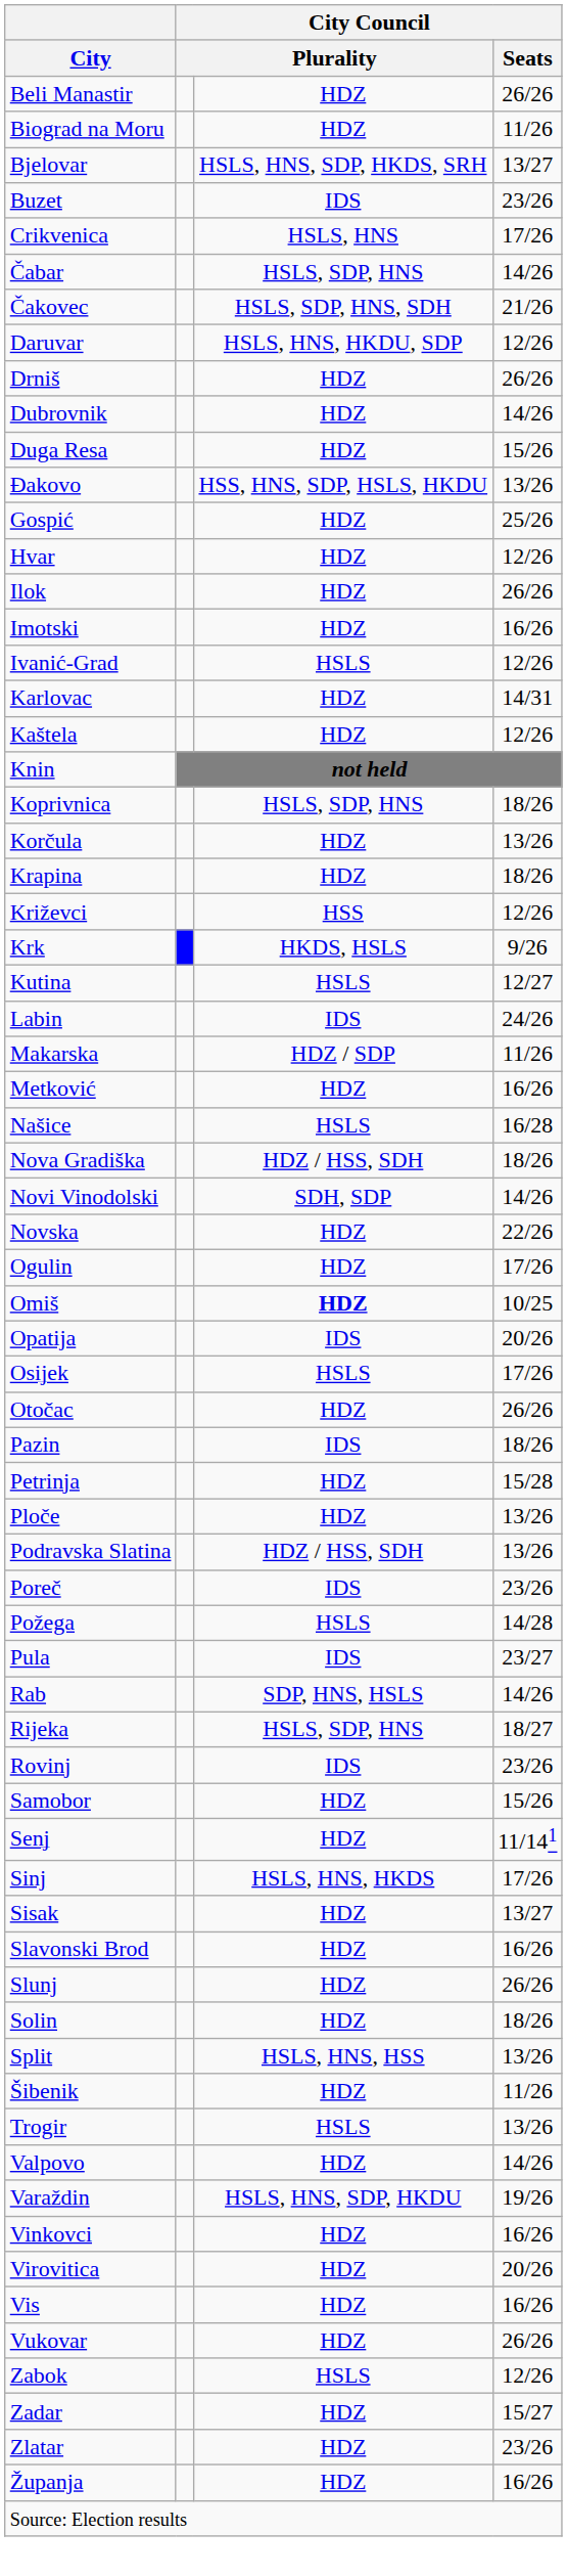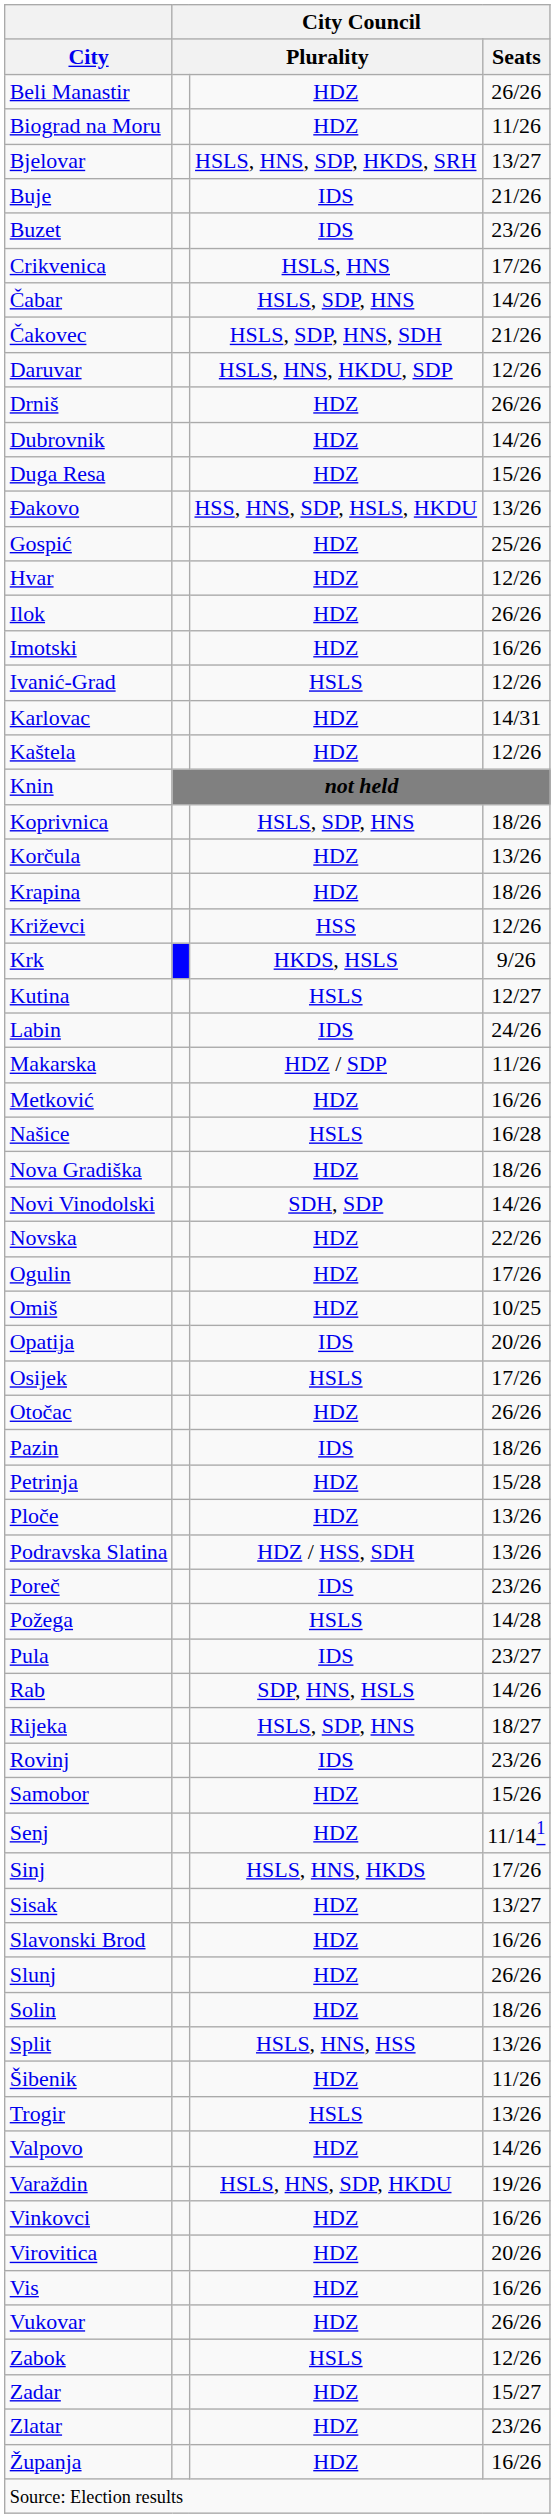 <table class="wikitable sortable">
 <tr>
 <th></th>
 <th class="unsortable" colspan=3>City Council</th>
 </tr>
 <tr>
 <th><a href='#'>City</a></th>
 <th colspan=2>Plurality</th>
 <th>Seats</th>
 </tr>
 <tr>
 <td><a href='#'>Beli Manastir</a></td>
 <td width="5px" style="background-color:"></td>
 <td align="center"><a href='#'>HDZ</a></td>
 <td align="center">26/26</td>
 </tr>
 <tr>
 <td><a href='#'>Biograd na Moru</a></td>
 <td width="5px" style="background-color:"></td>
 <td align="center"><a href='#'>HDZ</a></td>
 <td align="center">11/26</td>
 </tr>
 <tr>
 <td><a href='#'>Bjelovar</a></td>
 <td width="5px" style="background-color:"></td>
 <td align="center"><a href='#'>HSLS</a>, <a href='#'>HNS</a>, <a href='#'>SDP</a>, <a href='#'>HKDS</a>, <a href='#'>SRH</a></td>
 <td align="center">13/27</td>
+</tr>
+<tr>
+<td><a href='#'>Buje</a></td>
+<td width="5px" style="background-color:"></td>
+<td align="center"><a href='#'>IDS</a></td>
+<td align="center">21/26</td>
 </tr>
 <tr>
 <td><a href='#'>Buzet</a></td>
 <td width="5px" style="background-color:"></td>
 <td align="center"><a href='#'>IDS</a></td>
 <td align="center">23/26</td>
 </tr>
 <tr>
 <td><a href='#'>Crikvenica</a></td>
 <td width="5px" style="background-color:"></td>
 <td align="center"><a href='#'>HSLS</a>, <a href='#'>HNS</a></td>
 <td align="center">17/26</td>
 </tr>
 <tr>
 <td><a href='#'>Čabar</a></td>
 <td width="5px" style="background-color:"></td>
 <td align="center"><a href='#'>HSLS</a>, <a href='#'>SDP</a>, <a href='#'>HNS</a></td>
 <td align="center">14/26</td>
 </tr>
 <tr>
 <td><a href='#'>Čakovec</a></td>
 <td width="5px" style="background-color:"></td>
 <td align="center"><a href='#'>HSLS</a>, <a href='#'>SDP</a>, <a href='#'>HNS</a>, <a href='#'>SDH</a></td>
 <td align="center">21/26</td>
 </tr>
 <tr>
 <td><a href='#'>Daruvar</a></td>
 <td width="5px" style="background-color:"></td>
 <td align="center"><a href='#'>HSLS</a>, <a href='#'>HNS</a>, <a href='#'>HKDU</a>, <a href='#'>SDP</a></td>
 <td align="center">12/26</td>
 </tr>
 <tr>
 <td><a href='#'>Drniš</a></td>
 <td width="5px" style="background-color:"></td>
 <td align="center"><a href='#'>HDZ</a></td>
 <td align="center">26/26</td>
 </tr>
 <tr>
 <td><a href='#'>Dubrovnik</a></td>
 <td width="5px" style="background-color:"></td>
 <td align="center"><a href='#'>HDZ</a></td>
 <td align="center">14/26</td>
 </tr>
 <tr>
 <td><a href='#'>Duga Resa</a></td>
 <td width="5px" style="background-color:"></td>
 <td align="center"><a href='#'>HDZ</a></td>
 <td align="center">15/26</td>
 </tr>
 <tr>
 <td><a href='#'>Đakovo</a></td>
 <td width="5px" style="background-color:"></td>
 <td align="center"><a href='#'>HSS</a>, <a href='#'>HNS</a>, <a href='#'>SDP</a>, <a href='#'>HSLS</a>, <a href='#'>HKDU</a></td>
 <td align="center">13/26</td>
 </tr>
 <tr>
 <td><a href='#'>Gospić</a></td>
 <td width="5px" style="background-color:"></td>
 <td align="center"><a href='#'>HDZ</a></td>
 <td align="center">25/26</td>
 </tr>
 <tr>
 <td><a href='#'>Hvar</a></td>
 <td width="5px" style="background-color:"></td>
 <td align="center"><a href='#'>HDZ</a></td>
 <td align="center">12/26</td>
 </tr>
 <tr>
 <td><a href='#'>Ilok</a></td>
 <td width="5px" style="background-color:"></td>
 <td align="center"><a href='#'>HDZ</a></td>
 <td align="center">26/26</td>
 </tr>
 <tr>
 <td><a href='#'>Imotski</a></td>
 <td width="5px" style="background-color:"></td>
 <td align="center"><a href='#'>HDZ</a></td>
 <td align="center">16/26</td>
 </tr>
 <tr>
 <td><a href='#'>Ivanić-Grad</a></td>
 <td width="5px" style="background-color:"></td>
 <td align="center"><a href='#'>HSLS</a></td>
 <td align="center">12/26</td>
 </tr>
 <tr>
 <td><a href='#'>Karlovac</a></td>
 <td width="5px" style="background-color:"></td>
 <td align="center"><a href='#'>HDZ</a></td>
 <td align="center">14/31</td>
 </tr>
 <tr>
 <td><a href='#'>Kaštela</a></td>
 <td width="5px" style="background-color:"></td>
 <td align="center"><a href='#'>HDZ</a></td>
 <td align="center">12/26</td>
 </tr>
 <tr>
 <td><a href='#'>Knin</a></td>
 <td align="center" colspan="3" style="background-color:grey"><strong><em>not held</em></strong></td>
 </tr>
 <tr>
 <td><a href='#'>Koprivnica</a></td>
 <td width="5px" style="background-color:"></td>
 <td align="center"><a href='#'>HSLS</a>, <a href='#'>SDP</a>, <a href='#'>HNS</a></td>
 <td align="center">18/26</td>
 </tr>
 <tr>
 <td><a href='#'>Korčula</a></td>
 <td width="5px" style="background-color:"></td>
 <td align="center"><a href='#'>HDZ</a></td>
 <td align="center">13/26</td>
 </tr>
 <tr>
 <td><a href='#'>Krapina</a></td>
 <td width="5px" style="background-color:"></td>
 <td align="center"><a href='#'>HDZ</a></td>
 <td align="center">18/26</td>
 </tr>
 <tr>
 <td><a href='#'>Križevci</a></td>
 <td width="5px" style="background-color:"></td>
 <td align="center"><a href='#'>HSS</a></td>
 <td align="center">12/26</td>
 </tr>
 <tr>
 <td><a href='#'>Krk</a></td>
 <td width="5px" style="background-color:blue"></td>
 <td align="center"><a href='#'>HKDS</a>, <a href='#'>HSLS</a></td>
 <td align="center">9/26</td>
 </tr>
 <tr>
 <td><a href='#'>Kutina</a></td>
 <td width="5px" style="background-color:"></td>
 <td align="center"><a href='#'>HSLS</a></td>
 <td align="center">12/27</td>
 </tr>
 <tr>
 <td><a href='#'>Labin</a></td>
 <td width="5px" style="background-color:"></td>
 <td align="center"><a href='#'>IDS</a></td>
 <td align="center">24/26</td>
 </tr>
 <tr>
 <td><a href='#'>Makarska</a></td>
 <td width="5px" style="background-color:"></td>
 <td align="center"><a href='#'>HDZ</a> / <a href='#'>SDP</a></td>
 <td align="center">11/26</td>
 </tr>
 <tr>
 <td><a href='#'>Metković</a></td>
 <td width="5px" style="background-color:"></td>
 <td align="center"><a href='#'>HDZ</a></td>
 <td align="center">16/26</td>
 </tr>
 <tr>
 <td><a href='#'>Našice</a></td>
 <td width="5px" style="background-color:"></td>
 <td align="center"><a href='#'>HSLS</a></td>
 <td align="center">16/28</td>
 </tr>
 <tr>
 <td><a href='#'>Nova Gradiška</a></td>
 <td width="5px" style="background-color:"></td>
-<td align="center"><a href='#'>HDZ</a> / <a href='#'>HSS</a>, <a href='#'>SDH</a></td>
+<td align="center"><a href='#'>HDZ</a></td>
 <td align="center">18/26</td>
 </tr>
 <tr>
 <td><a href='#'>Novi Vinodolski</a></td>
 <td width="5px" style="background-color:"></td>
 <td align="center"><a href='#'>SDH</a>, <a href='#'>SDP</a></td>
 <td align="center">14/26</td>
 </tr>
 <tr>
 <td><a href='#'>Novska</a></td>
 <td width="5px" style="background-color:"></td>
 <td align="center"><a href='#'>HDZ</a></td>
 <td align="center">22/26</td>
 </tr>
 <tr>
 <td><a href='#'>Ogulin</a></td>
 <td width="5px" style="background-color:"></td>
 <td align="center"><a href='#'>HDZ</a></td>
 <td align="center">17/26</td>
 </tr>
 <tr>
 <td><a href='#'>Omiš</a></td>
 <td width="5px" style="background-color:"></td>
-<td align="center"><strong><a href='#'>HDZ</a></strong></td>
+<td align="center"><a href='#'>HDZ</a></td>
 <td align="center">10/25</td>
 </tr>
 <tr>
 <td><a href='#'>Opatija</a></td>
 <td width="5px" style="background-color:"></td>
 <td align="center"><a href='#'>IDS</a></td>
 <td align="center">20/26</td>
 </tr>
 <tr>
 <td><a href='#'>Osijek</a></td>
 <td width="5px" style="background-color:"></td>
 <td align="center"><a href='#'>HSLS</a></td>
 <td align="center">17/26</td>
 </tr>
 <tr>
 <td><a href='#'>Otočac</a></td>
 <td width="5px" style="background-color:"></td>
 <td align="center"><a href='#'>HDZ</a></td>
 <td align="center">26/26</td>
 </tr>
 <tr>
 <td><a href='#'>Pazin</a></td>
 <td width="5px" style="background-color:"></td>
 <td align="center"><a href='#'>IDS</a></td>
 <td align="center">18/26</td>
 </tr>
 <tr>
 <td><a href='#'>Petrinja</a></td>
 <td width="5px" style="background-color:"></td>
 <td align="center"><a href='#'>HDZ</a></td>
 <td align="center">15/28</td>
 </tr>
 <tr>
 <td><a href='#'>Ploče</a></td>
 <td width="5px" style="background-color:"></td>
 <td align="center"><a href='#'>HDZ</a></td>
 <td align="center">13/26</td>
 </tr>
 <tr>
 <td><a href='#'>Podravska Slatina</a></td>
 <td width="5px" style="background-color:"></td>
 <td align="center"><a href='#'>HDZ</a> / <a href='#'>HSS</a>, <a href='#'>SDH</a></td>
 <td align="center">13/26</td>
 </tr>
 <tr>
 <td><a href='#'>Poreč</a></td>
 <td width="5px" style="background-color:"></td>
 <td align="center"><a href='#'>IDS</a></td>
 <td align="center">23/26</td>
 </tr>
 <tr>
 <td><a href='#'>Požega</a></td>
 <td width="5px" style="background-color:"></td>
 <td align="center"><a href='#'>HSLS</a></td>
 <td align="center">14/28</td>
 </tr>
 <tr>
 <td><a href='#'>Pula</a></td>
 <td width="5px" style="background-color:"></td>
 <td align="center"><a href='#'>IDS</a></td>
 <td align="center">23/27</td>
 </tr>
 <tr>
 <td><a href='#'>Rab</a></td>
 <td width="5px" style="background-color:"></td>
 <td align="center"><a href='#'>SDP</a>, <a href='#'>HNS</a>, <a href='#'>HSLS</a></td>
 <td align="center">14/26</td>
 </tr>
 <tr>
 <td><a href='#'>Rijeka</a></td>
 <td width="5px" style="background-color:"></td>
 <td align="center"><a href='#'>HSLS</a>, <a href='#'>SDP</a>, <a href='#'>HNS</a></td>
 <td align="center">18/27</td>
 </tr>
 <tr>
 <td><a href='#'>Rovinj</a></td>
 <td width="5px" style="background-color:"></td>
 <td align="center"><a href='#'>IDS</a></td>
 <td align="center">23/26</td>
 </tr>
 <tr>
 <td><a href='#'>Samobor</a></td>
 <td width="5px" style="background-color:"></td>
 <td align="center"><a href='#'>HDZ</a></td>
 <td align="center">15/26</td>
 </tr>
 <tr>
 <td><a href='#'>Senj</a></td>
 <td width="5px" style="background-color:"></td>
 <td align="center"><a href='#'>HDZ</a></td>
 <td align="center">11/14<a href='#'><sup>1</sup></a></td>
 </tr>
 <tr>
 <td><a href='#'>Sinj</a></td>
 <td width="5px" style="background-color:"></td>
 <td align="center"><a href='#'>HSLS</a>, <a href='#'>HNS</a>, <a href='#'>HKDS</a></td>
 <td align="center">17/26</td>
 </tr>
 <tr>
 <td><a href='#'>Sisak</a></td>
 <td width="5px" style="background-color:"></td>
 <td align="center"><a href='#'>HDZ</a></td>
 <td align="center">13/27</td>
 </tr>
 <tr>
 <td><a href='#'>Slavonski Brod</a></td>
 <td width="5px" style="background-color:"></td>
 <td align="center"><a href='#'>HDZ</a></td>
 <td align="center">16/26</td>
 </tr>
 <tr>
 <td><a href='#'>Slunj</a></td>
 <td width="5px" style="background-color:"></td>
 <td align="center"><a href='#'>HDZ</a></td>
 <td align="center">26/26</td>
 </tr>
 <tr>
 <td><a href='#'>Solin</a></td>
 <td width="5px" style="background-color:"></td>
 <td align="center"><a href='#'>HDZ</a></td>
 <td align="center">18/26</td>
 </tr>
 <tr>
 <td><a href='#'>Split</a></td>
 <td width="5px" style="background-color:"></td>
 <td align="center"><a href='#'>HSLS</a>, <a href='#'>HNS</a>, <a href='#'>HSS</a></td>
 <td align="center">13/26</td>
 </tr>
 <tr>
 <td><a href='#'>Šibenik</a></td>
 <td width="5px" style="background-color:"></td>
 <td align="center"><a href='#'>HDZ</a></td>
 <td align="center">11/26</td>
 </tr>
 <tr>
 <td><a href='#'>Trogir</a></td>
 <td width="5px" style="background-color:"></td>
 <td align="center"><a href='#'>HSLS</a></td>
 <td align="center">13/26</td>
 </tr>
 <tr>
 <td><a href='#'>Valpovo</a></td>
 <td width="5px" style="background-color:"></td>
 <td align="center"><a href='#'>HDZ</a></td>
 <td align="center">14/26</td>
 </tr>
 <tr>
 <td><a href='#'>Varaždin</a></td>
 <td width="5px" style="background-color:"></td>
 <td align="center"><a href='#'>HSLS</a>, <a href='#'>HNS</a>, <a href='#'>SDP</a>, <a href='#'>HKDU</a></td>
 <td align="center">19/26</td>
 </tr>
 <tr>
 <td><a href='#'>Vinkovci</a></td>
 <td width="5px" style="background-color:"></td>
 <td align="center"><a href='#'>HDZ</a></td>
 <td align="center">16/26</td>
 </tr>
 <tr>
 <td><a href='#'>Virovitica</a></td>
 <td width="5px" style="background-color:"></td>
 <td align="center"><a href='#'>HDZ</a></td>
 <td align="center">20/26</td>
 </tr>
 <tr>
 <td><a href='#'>Vis</a></td>
 <td width="5px" style="background-color:"></td>
 <td align="center"><a href='#'>HDZ</a></td>
 <td align="center">16/26</td>
 </tr>
 <tr>
 <td><a href='#'>Vukovar</a></td>
 <td width="5px" style="background-color:"></td>
 <td align="center"><a href='#'>HDZ</a></td>
 <td align="center">26/26</td>
 </tr>
 <tr>
 <td><a href='#'>Zabok</a></td>
 <td width="5px" style="background-color:"></td>
 <td align="center"><a href='#'>HSLS</a></td>
 <td align="center">12/26</td>
 </tr>
 <tr>
 <td><a href='#'>Zadar</a></td>
 <td width="5px" style="background-color:"></td>
 <td align="center"><a href='#'>HDZ</a></td>
 <td align="center">15/27</td>
 </tr>
 <tr>
 <td><a href='#'>Zlatar</a></td>
 <td width="5px" style="background-color:"></td>
 <td align="center"><a href='#'>HDZ</a></td>
 <td align="center">23/26</td>
 </tr>
 <tr>
 <td><a href='#'>Županja</a></td>
 <td width="5px" style="background-color:"></td>
 <td align="center"><a href='#'>HDZ</a></td>
 <td align="center">16/26</td>
 </tr>
 <tr>
 <td colspan="4"><small>Source: Election results</small></td>
 </tr>
 </table>
